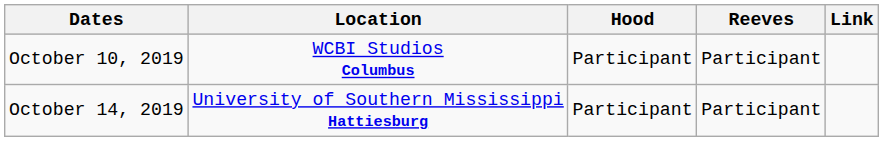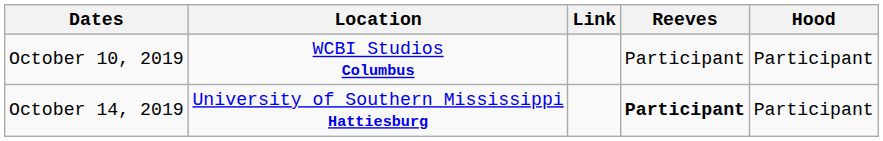 <table class="wikitable" style="text-align:center">
 <tr>
 <th>Dates</th>
 <th>Location</th>
+<th>Link</th>
+<th>Reeves</th>
 <th>Hood</th>
-<th>Reeves</th>
-<th>Link</th>
 </tr>
 <tr>
 <td>October 10, 2019</td>
 <td><a href='#'>WCBI Studios</a><br><small><strong><a href='#'>Columbus</a></strong></small></td>
+<td align=left></td>
 <td>Participant</td>
 <td>Participant</td>
-<td align=left></td>
 </tr>
 <tr>
 <td>October 14, 2019</td>
 <td><a href='#'>University of Southern Mississippi</a><br><small><strong><a href='#'>Hattiesburg</a></strong></small></td>
+<td align=left></td>
+<td><strong>Participant</strong></td>
 <td>Participant</td>
-<td>Participant</td>
-<td align=left></td>
 </tr>
 </table>
